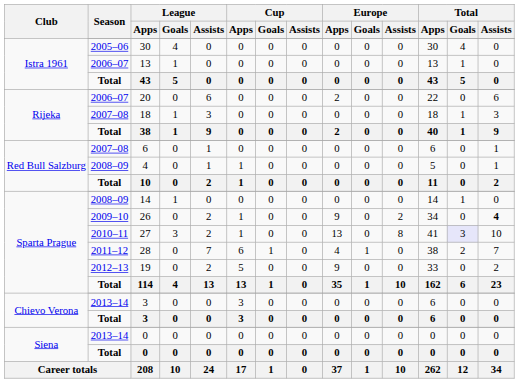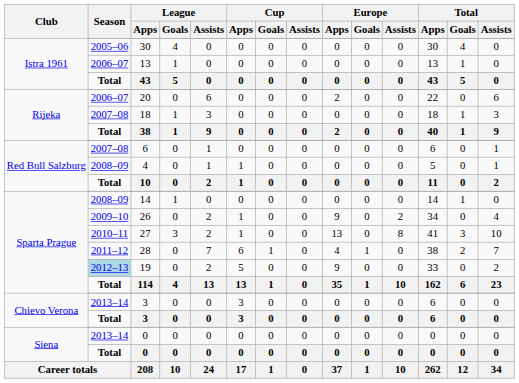 <table class="wikitable" style="text-align: center;">
 <tr>
 <th rowspan="2">Club</th>
 <th rowspan="2">Season</th>
 <th colspan="3">League</th>
 <th colspan="3">Cup</th>
 <th colspan="3">Europe</th>
 <th colspan="3">Total</th>
 </tr>
 <tr>
 <th>Apps</th>
 <th>Goals</th>
 <th>Assists</th>
 <th>Apps</th>
 <th>Goals</th>
 <th>Assists</th>
 <th>Apps</th>
 <th>Goals</th>
 <th>Assists</th>
 <th>Apps</th>
 <th>Goals</th>
 <th>Assists</th>
 </tr>
 <tr>
 <td rowspan="4" style="text-align:center;"><a href='#'>Istra 1961</a></td>
 </tr>
 <tr>
 <td !colspan="2"><a href='#'>2005–06</a></td>
 <td>30</td>
 <td>4</td>
 <td>0</td>
 <td>0</td>
 <td>0</td>
 <td>0</td>
 <td>0</td>
 <td>0</td>
 <td>0</td>
 <td>30</td>
 <td>4</td>
 <td>0</td>
 </tr>
 <tr>
 <td !colspan="2"><a href='#'>2006–07</a></td>
 <td>13</td>
 <td>1</td>
 <td>0</td>
 <td>0</td>
 <td>0</td>
 <td>0</td>
 <td>0</td>
 <td>0</td>
 <td>0</td>
 <td>13</td>
 <td>1</td>
 <td>0</td>
 </tr>
 <tr>
 <td !colspan="2"><strong>Total</strong></td>
 <th>43</th>
 <th>5</th>
 <th>0</th>
 <th>0</th>
 <th>0</th>
 <th>0</th>
 <th>0</th>
 <th>0</th>
 <th>0</th>
 <th>43</th>
 <th>5</th>
 <th>0</th>
 </tr>
 <tr>
 <td rowspan="4" style="text-align:center;"><a href='#'>Rijeka</a></td>
 </tr>
 <tr>
 <td !colspan="2"><a href='#'>2006–07</a></td>
 <td>20</td>
 <td>0</td>
 <td>6</td>
 <td>0</td>
 <td>0</td>
 <td>0</td>
 <td>2</td>
 <td>0</td>
 <td>0</td>
 <td>22</td>
 <td>0</td>
 <td>6</td>
 </tr>
 <tr>
 <td !colspan="2"><a href='#'>2007–08</a></td>
 <td>18</td>
 <td>1</td>
 <td>3</td>
 <td>0</td>
 <td>0</td>
 <td>0</td>
 <td>0</td>
 <td>0</td>
 <td>0</td>
 <td>18</td>
 <td>1</td>
 <td>3</td>
 </tr>
 <tr>
 <td !colspan="2"><strong>Total</strong></td>
 <th>38</th>
 <th>1</th>
 <th>9</th>
 <th>0</th>
 <th>0</th>
 <th>0</th>
 <th>2</th>
 <th>0</th>
 <th>0</th>
 <th>40</th>
 <th>1</th>
 <th>9</th>
 </tr>
 <tr>
 <td rowspan="4" style="text-align:center;"><a href='#'>Red Bull Salzburg</a></td>
 </tr>
 <tr>
 <td !colspan="2"><a href='#'>2007–08</a></td>
 <td>6</td>
 <td>0</td>
 <td>1</td>
 <td>0</td>
 <td>0</td>
 <td>0</td>
 <td>0</td>
 <td>0</td>
 <td>0</td>
 <td>6</td>
 <td>0</td>
 <td>1</td>
 </tr>
 <tr>
 <td !colspan="2"><a href='#'>2008–09</a></td>
 <td>4</td>
 <td>0</td>
 <td>1</td>
 <td>1</td>
 <td>0</td>
 <td>0</td>
 <td>0</td>
 <td>0</td>
 <td>0</td>
 <td>5</td>
 <td>0</td>
 <td>1</td>
 </tr>
 <tr>
 <td !colspan="2"><strong>Total</strong></td>
 <th>10</th>
 <th>0</th>
 <th>2</th>
 <th>1</th>
 <th>0</th>
 <th>0</th>
 <th>0</th>
 <th>0</th>
 <th>0</th>
 <th>11</th>
 <th>0</th>
 <th>2</th>
 </tr>
 <tr>
 <td rowspan="7" style="text-align:center;"><a href='#'>Sparta Prague</a></td>
 </tr>
 <tr>
 <td !colspan="2"><a href='#'>2008–09</a></td>
 <td>14</td>
 <td>1</td>
 <td>0</td>
 <td>0</td>
 <td>0</td>
 <td>0</td>
 <td>0</td>
 <td>0</td>
 <td>0</td>
 <td>14</td>
 <td>1</td>
 <td>0</td>
 </tr>
 <tr>
 <td !colspan="2"><a href='#'>2009–10</a></td>
 <td>26</td>
 <td>0</td>
 <td>2</td>
 <td>1</td>
 <td>0</td>
 <td>0</td>
 <td>9</td>
 <td>0</td>
 <td>2</td>
 <td>34</td>
 <td>0</td>
-<td><strong>4</strong></td>
+<td>4</td>
 </tr>
 <tr>
 <td !colspan="2"><a href='#'>2010–11</a></td>
 <td>27</td>
 <td>3</td>
 <td>2</td>
 <td>1</td>
 <td>0</td>
 <td>0</td>
 <td>13</td>
 <td>0</td>
 <td>8</td>
 <td>41</td>
-<td style="background: lavender;">3</td>
+<td>3</td>
 <td>10</td>
 </tr>
 <tr>
 <td !colspan="2"><a href='#'>2011–12</a></td>
 <td>28</td>
 <td>0</td>
 <td>7</td>
 <td>6</td>
 <td>1</td>
 <td>0</td>
 <td>4</td>
 <td>1</td>
 <td>0</td>
 <td>38</td>
 <td>2</td>
 <td>7</td>
 </tr>
 <tr>
-<td !colspan="2"><a href='#'>2012–13</a></td>
+<td !colspan="2" style="background: lightblue;"><a href='#'>2012–13</a></td>
 <td>19</td>
 <td>0</td>
 <td>2</td>
 <td>5</td>
 <td>0</td>
 <td>0</td>
 <td>9</td>
 <td>0</td>
 <td>0</td>
 <td>33</td>
 <td>0</td>
 <td>2</td>
 </tr>
 <tr>
 <td !colspan="2"><strong>Total</strong></td>
 <th>114</th>
 <th>4</th>
 <th>13</th>
 <th>13</th>
 <th>1</th>
 <th>0</th>
 <th>35</th>
 <th>1</th>
 <th>10</th>
 <th>162</th>
 <th>6</th>
 <th>23</th>
 </tr>
 <tr>
 <td rowspan="3" style="text-align:center;"><a href='#'>Chievo Verona</a></td>
 </tr>
 <tr>
 <td><a href='#'>2013–14</a></td>
 <td>3</td>
 <td>0</td>
 <td>0</td>
 <td>3</td>
 <td>0</td>
 <td>0</td>
 <td>0</td>
 <td>0</td>
 <td>0</td>
 <td>6</td>
 <td>0</td>
 <td>0</td>
 </tr>
 <tr>
 <td !colspan="2"><strong>Total</strong></td>
 <th>3</th>
 <th>0</th>
 <th>0</th>
 <th>3</th>
 <th>0</th>
 <th>0</th>
 <th>0</th>
 <th>0</th>
 <th>0</th>
 <th>6</th>
 <th>0</th>
 <th>0</th>
 </tr>
 <tr>
 <td rowspan="3" style="text-align:center;"><a href='#'>Siena</a></td>
 </tr>
 <tr>
 <td><a href='#'>2013–14</a></td>
 <td>0</td>
 <td>0</td>
 <td>0</td>
 <td>0</td>
 <td>0</td>
 <td>0</td>
 <td>0</td>
 <td>0</td>
 <td>0</td>
 <td>0</td>
 <td>0</td>
 <td>0</td>
 </tr>
 <tr>
 <td !colspan="2"><strong>Total</strong></td>
 <th>0</th>
 <th>0</th>
 <th>0</th>
 <th>0</th>
 <th>0</th>
 <th>0</th>
 <th>0</th>
 <th>0</th>
 <th>0</th>
 <th>0</th>
 <th>0</th>
 <th>0</th>
 </tr>
 <tr>
 <th colspan="2">Career totals</th>
 <th>208</th>
 <th>10</th>
 <th>24</th>
 <th>17</th>
 <th>1</th>
 <th>0</th>
 <th>37</th>
 <th>1</th>
 <th>10</th>
 <th>262</th>
 <th>12</th>
 <th>34</th>
 </tr>
 </table>
